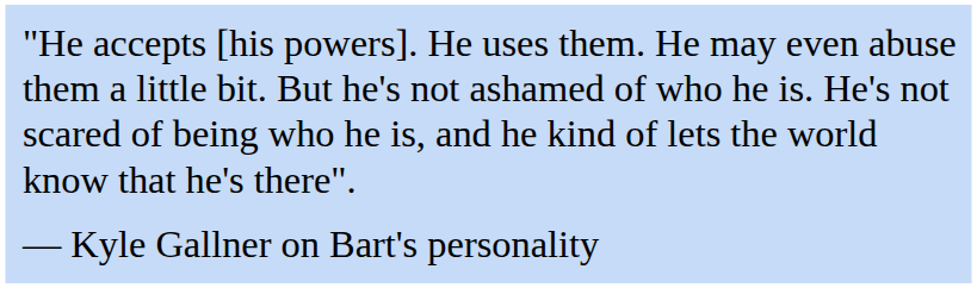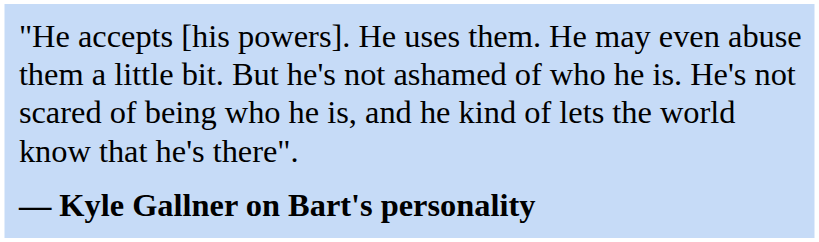 <table class="toccolours" style="float: left; margin-left: 1em; margin-right: 2em; font-size: 90%; background:#c6dbf7; color:black; width:25em; max-width: 40%;" cellspacing="5">
 <tr>
 <td style="text-align: left;">"He accepts [his powers]. He uses them. He may even abuse them a little bit. But he's not ashamed of who he is. He's not scared of being who he is, and he kind of lets the world know that he's there".</td>
 </tr>
 <tr>
-<td style="text-align: left;">— Kyle Gallner on Bart's personality</td>
+<td style="text-align: left;"><strong>— Kyle Gallner on Bart's personality</strong></td>
 </tr>
 </table>
